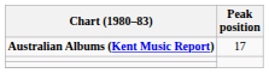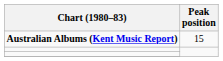 <table class="wikitable">
 <tr>
 <th>Chart (1980–83)</th>
 <th>Peak<br>position</th>
 </tr>
 <tr>
 <td><strong>Australian Albums (<a href='#'>Kent Music Report</a>)</strong></td>
-<td align="center">17</td>
+<td align="center">15</td>
 </tr>
 <tr>
 <td></td>
 </tr>
 <tr>
 <td></td>
 </tr>
 <tr>
 </tr>
 </table>
